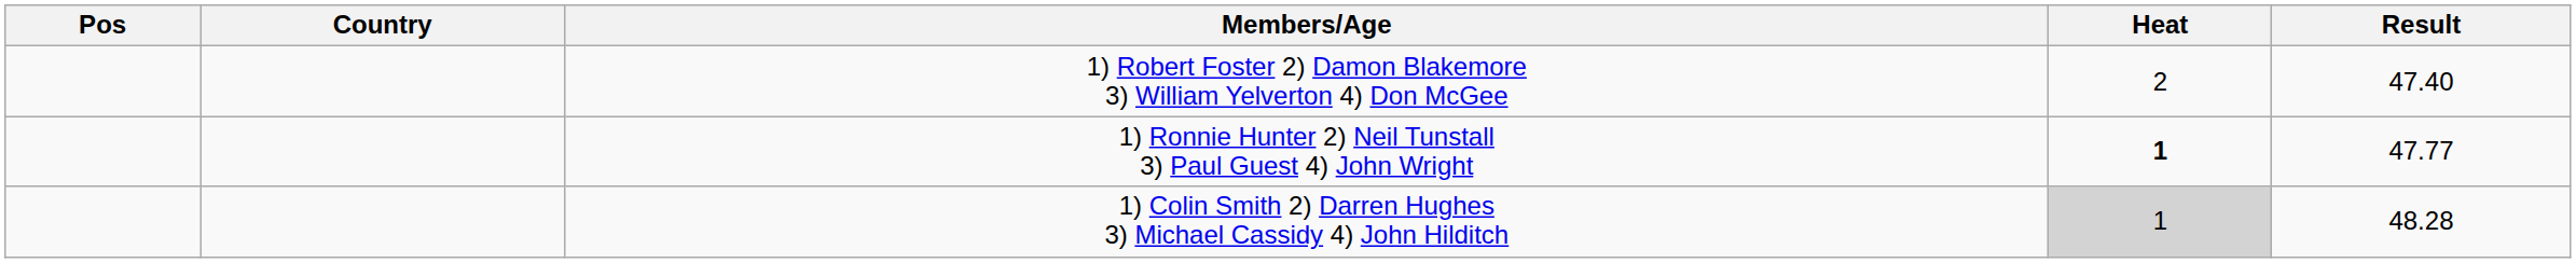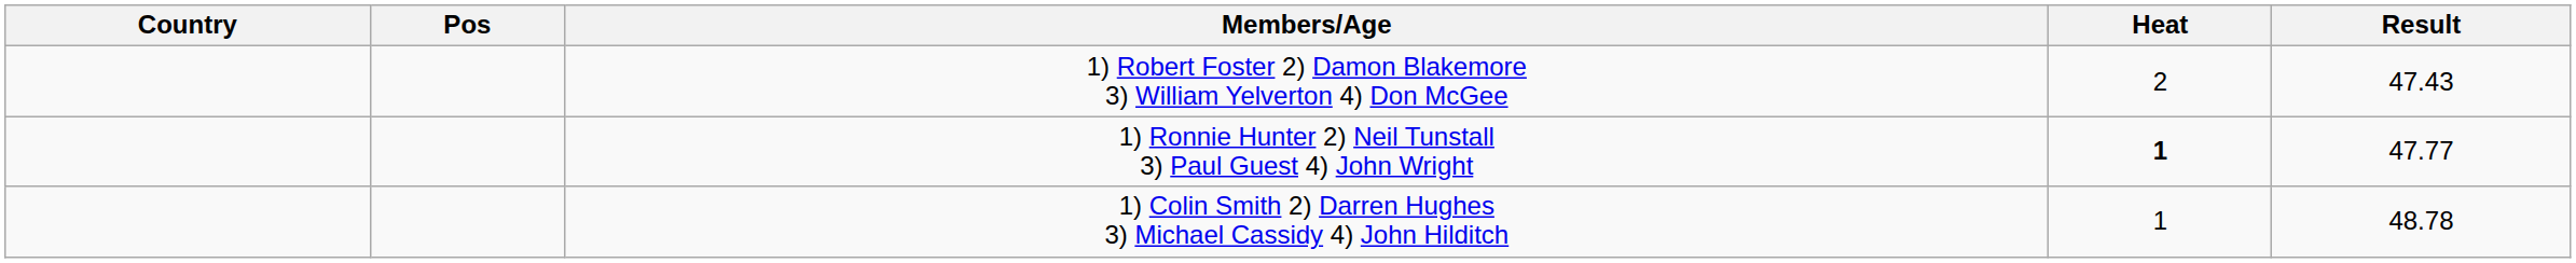 <table class="wikitable"  style="text-align:center; width:80%;">
 <tr>
+<th>Country</th>
 <th>Pos</th>
-<th>Country</th>
 <th>Members/Age</th>
 <th>Heat</th>
 <th>Result</th>
 </tr>
 <tr>
+<td align=left></td>
 <td align=center></td>
-<td align=left></td>
 <td>1) <a href='#'>Robert Foster</a> 2) <a href='#'>Damon Blakemore</a><br>3) <a href='#'>William Yelverton</a> 4) <a href='#'>Don McGee</a></td>
 <td>2</td>
-<td>47.40</td>
+<td>47.43</td>
 </tr>
 <tr>
+<td align=left></td>
 <td align=center></td>
-<td align=left></td>
 <td>1) <a href='#'>Ronnie Hunter</a> 2) <a href='#'>Neil Tunstall</a><br>3) <a href='#'>Paul Guest</a> 4) <a href='#'>John Wright</a></td>
 <td><strong>1</strong></td>
 <td>47.77</td>
 </tr>
 <tr>
+<td align=left></td>
 <td align=center></td>
-<td align=left></td>
 <td>1) <a href='#'>Colin Smith</a> 2) <a href='#'>Darren Hughes</a><br>3) <a href='#'>Michael Cassidy</a> 4) <a href='#'>John Hilditch</a></td>
-<td style="background: lightgrey;">1</td>
-<td>48.28</td>
+<td>1</td>
+<td>48.78</td>
 </tr>
 </table>
